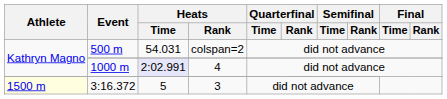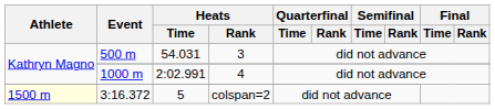 <table class="wikitable" style="font-size:90%">
 <tr>
 <th rowspan=2>Athlete</th>
 <th rowspan=2>Event</th>
 <th colspan=2>Heats</th>
 <th colspan=2>Quarterfinal</th>
 <th colspan=2>Semifinal</th>
 <th colspan=2>Final</th>
 </tr>
 <tr style="font-size:95%">
 <th>Time</th>
 <th>Rank</th>
 <th>Time</th>
 <th>Rank</th>
 <th>Time</th>
 <th>Rank</th>
 <th>Time</th>
 <th>Rank</th>
 </tr>
 <tr align=center>
 <td align=left rowspan=3><a href='#'>Kathryn Magno</a></td>
 <td align=left><a href='#'>500 m</a></td>
 <td>54.031</td>
-<td>colspan=2 </td>
+<td>3</td>
 <td colspan=6>did not advance</td>
 </tr>
 <tr>
 </tr>
 <tr align=center>
 <td align=left><a href='#'>1000 m</a></td>
-<td style="background: lavender;">2:02.991</td>
+<td>2:02.991</td>
 <td>4</td>
 <td colspan=6>did not advance</td>
 </tr>
 <tr>
 </tr>
 <tr align=center>
 <td align=left style="background: lightyellow;"><a href='#'>1500 m</a></td>
 <td>3:16.372</td>
 <td>5</td>
-<td>3</td>
+<td>colspan=2 </td>
 <td colspan=4>did not advance</td>
 </tr>
 </table>
